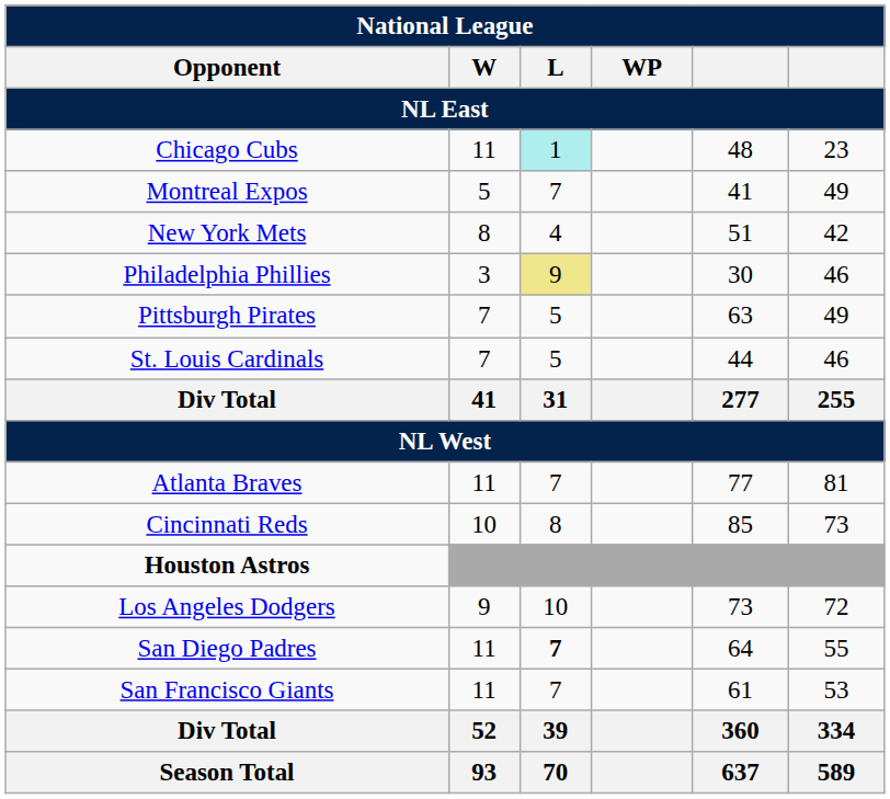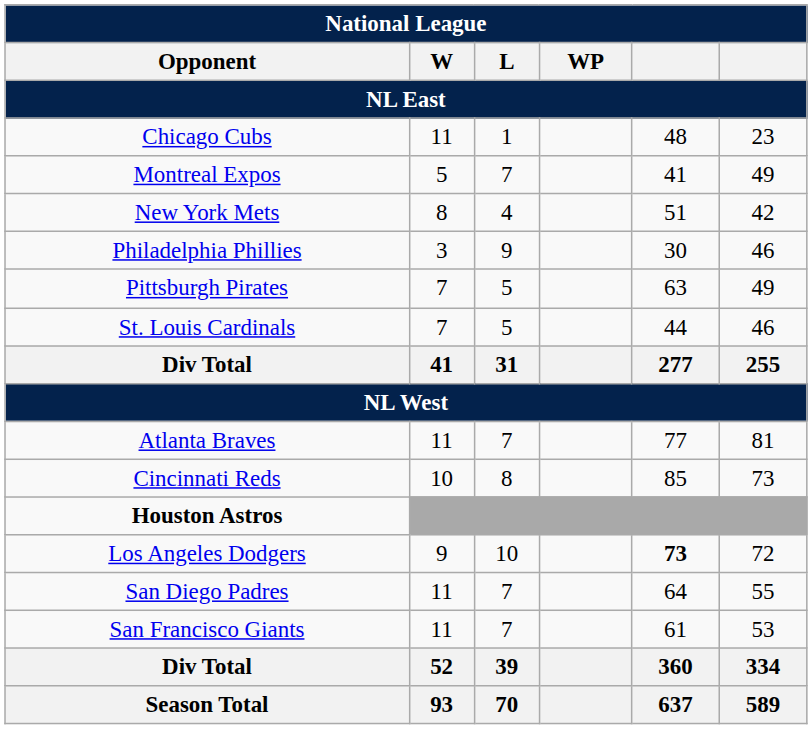 <table class="wikitable" style="margin:1em auto; font-size:95%; text-align:center; width:35em;">
 <tr>
 <th colspan="7" style="background:#03224c; color:#ffffff;">National League</th>
 </tr>
 <tr>
 <th>Opponent</th>
 <th>W</th>
 <th>L</th>
 <th>WP</th>
 <th></th>
 <th></th>
 </tr>
 <tr>
 <th colspan="7" style="background:#03224c; color:#ffffff;">NL East</th>
 </tr>
 <tr>
 <td><a href='#'>Chicago Cubs</a></td>
 <td>11</td>
-<td style="background: paleturquoise;">1</td>
+<td>1</td>
 <td></td>
 <td>48</td>
 <td>23</td>
 </tr>
 <tr>
 <td><a href='#'>Montreal Expos</a></td>
 <td>5</td>
 <td>7</td>
 <td></td>
 <td>41</td>
 <td>49</td>
 </tr>
 <tr>
 <td><a href='#'><span>New York Mets</span></a></td>
 <td>8</td>
 <td>4</td>
 <td></td>
 <td>51</td>
 <td>42</td>
 </tr>
 <tr>
 <td><a href='#'><span>Philadelphia Phillies</span></a></td>
 <td>3</td>
-<td style="background: khaki;">9</td>
+<td>9</td>
 <td></td>
 <td>30</td>
 <td>46</td>
 </tr>
 <tr>
 <td><a href='#'>Pittsburgh Pirates</a></td>
 <td>7</td>
 <td>5</td>
 <td></td>
 <td>63</td>
 <td>49</td>
 </tr>
 <tr>
 <td><a href='#'>St. Louis Cardinals</a></td>
 <td>7</td>
 <td>5</td>
 <td></td>
 <td>44</td>
 <td>46</td>
 </tr>
 <tr>
 <th>Div Total</th>
 <th>41</th>
 <th>31</th>
 <th></th>
 <th>277</th>
 <th>255</th>
 </tr>
 <tr>
 <th colspan="7" style="background:#03224c; color:#ffffff;">NL West</th>
 </tr>
 <tr>
 <td><a href='#'>Atlanta Braves</a></td>
 <td>11</td>
 <td>7</td>
 <td></td>
 <td>77</td>
 <td>81</td>
 </tr>
 <tr>
 <td><a href='#'>Cincinnati Reds</a></td>
 <td>10</td>
 <td>8</td>
 <td></td>
 <td>85</td>
 <td>73</td>
 </tr>
 <tr>
 <td><span><strong>Houston Astros</strong></span></td>
 <td colspan=5 style="background:darkgray;"></td>
 </tr>
 <tr>
 <td><a href='#'><span>Los Angeles Dodgers</span></a></td>
 <td>9</td>
 <td>10</td>
 <td></td>
-<td>73</td>
+<td><strong>73</strong></td>
 <td>72</td>
 </tr>
 <tr>
 <td><a href='#'>San Diego Padres</a></td>
 <td>11</td>
-<td><strong>7</strong></td>
+<td>7</td>
 <td></td>
 <td>64</td>
 <td>55</td>
 </tr>
 <tr>
 <td><a href='#'>San Francisco Giants</a></td>
 <td>11</td>
 <td>7</td>
 <td></td>
 <td>61</td>
 <td>53</td>
 </tr>
 <tr>
 <th>Div Total</th>
 <th>52</th>
 <th>39</th>
 <th></th>
 <th>360</th>
 <th>334</th>
 </tr>
 <tr>
 <th>Season Total</th>
 <th>93</th>
 <th>70</th>
 <th></th>
 <th>637</th>
 <th>589</th>
 </tr>
 </table>
